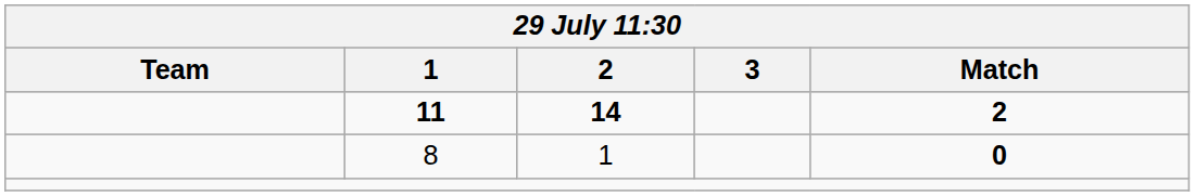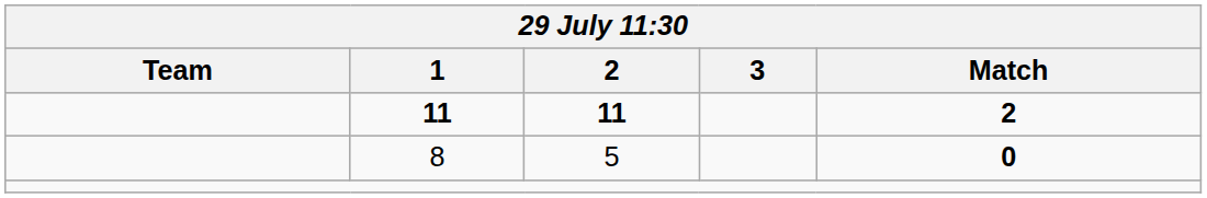 <table class=wikitable style="text-align:center; width: 55%">
 <tr>
 <th colspan=10><em>29 July 11:30</em></th>
 </tr>
 <tr>
 <th>Team</th>
 <th>1</th>
 <th>2</th>
 <th>3</th>
 <th>Match</th>
 </tr>
 <tr>
 <td align=left><strong><br></strong></td>
 <td><strong>11</strong></td>
-<td><strong>14</strong></td>
+<td><strong>11</strong></td>
 <td></td>
 <td><strong>2</strong></td>
 </tr>
 <tr>
 <td align=left><br></td>
 <td>8</td>
-<td>1</td>
+<td>5</td>
 <td></td>
 <td><strong>0</strong></td>
 </tr>
 <tr>
 <td colspan=10></td>
 </tr>
 </table>
